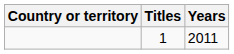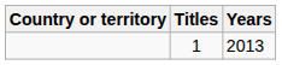 <table class="wikitable" style="font-size:95%;">
 <tr>
 <th>Country or territory</th>
 <th>Titles</th>
 <th>Years</th>
 </tr>
 <tr>
 <td></td>
 <td rowspan="2" style="text-align:center;">1</td>
-<td>2011</td>
+<td>2013</td>
 </tr>
 </table>
